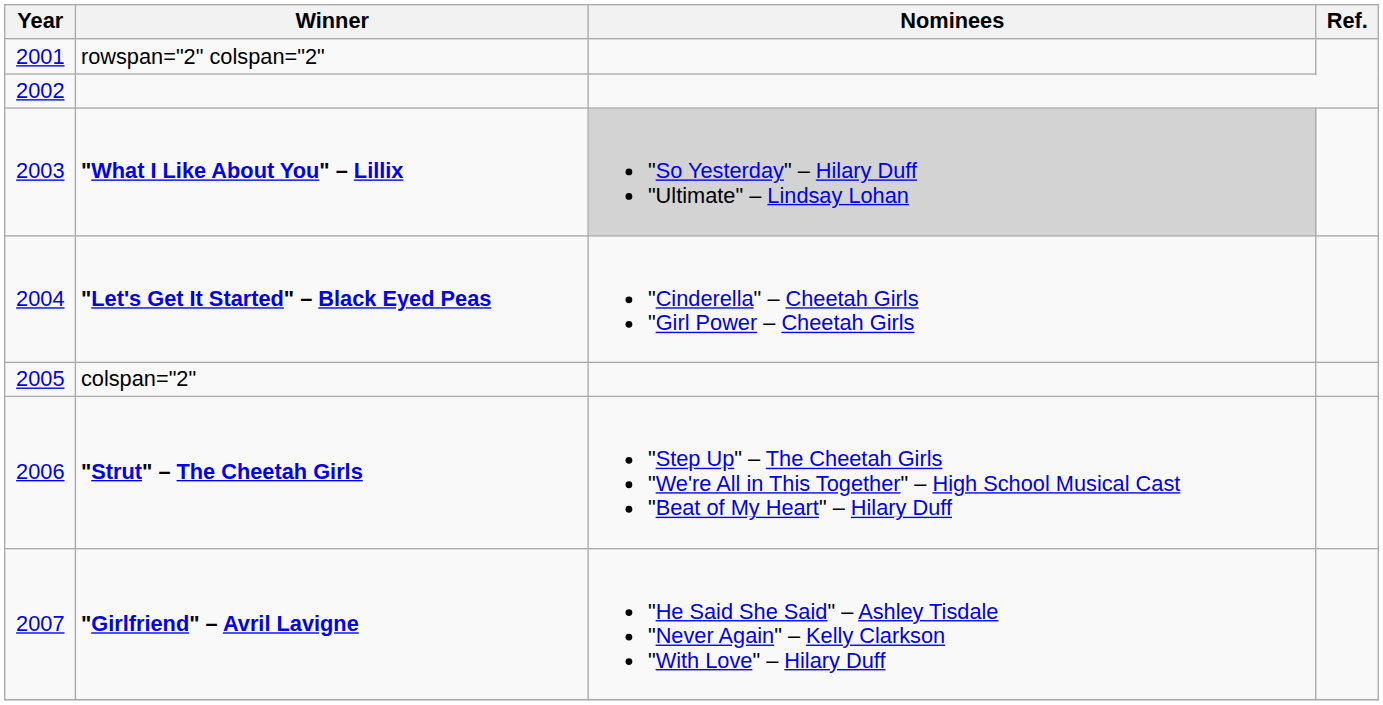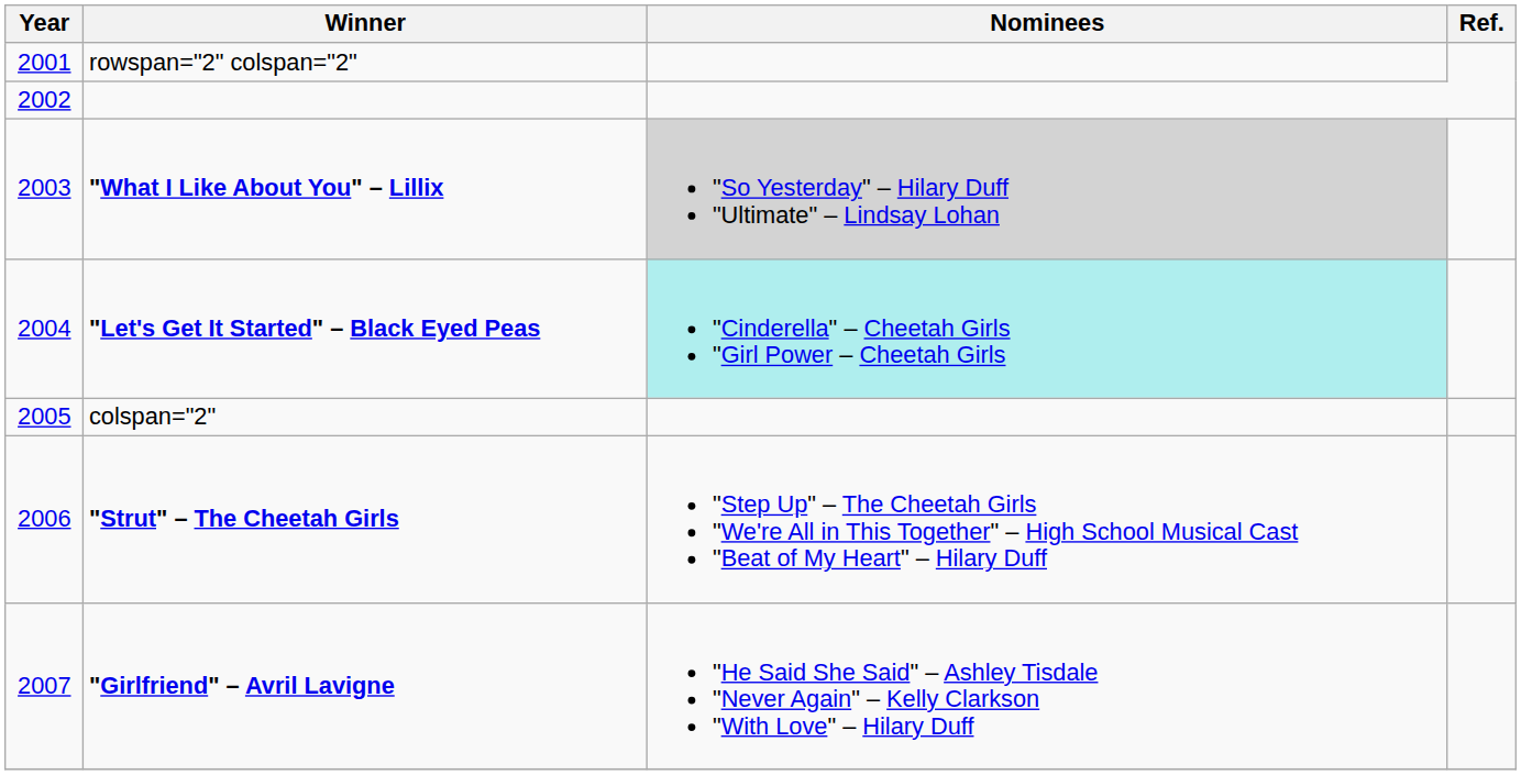 <table class="wikitable" width=80%>
 <tr>
 <th>Year</th>
 <th>Winner</th>
 <th>Nominees</th>
 <th>Ref.</th>
 </tr>
 <tr>
 <td align="center"><a href='#'>2001</a></td>
 <td>rowspan="2" colspan="2" </td>
 <td align="center"></td>
 </tr>
 <tr>
 <td align="center"><a href='#'>2002</a></td>
 <td align="center"></td>
 </tr>
 <tr>
 <td align="center"><a href='#'>2003</a></td>
 <td><strong>"<a href='#'>What I Like About You</a>" – <a href='#'>Lillix</a></strong></td>
 <td style="background: lightgrey;"><br><ul><li>"<a href='#'>So Yesterday</a>" – <a href='#'>Hilary Duff</a></li><li>"Ultimate" – <a href='#'>Lindsay Lohan</a></li></ul></td>
 <td align="center"></td>
 </tr>
 <tr>
 <td align="center"><a href='#'>2004</a></td>
 <td><strong>"<a href='#'>Let's Get It Started</a>" – <a href='#'>Black Eyed Peas</a></strong></td>
-<td><br><ul><li>"<a href='#'>Cinderella</a>" – <a href='#'>Cheetah Girls</a></li><li>"<a href='#'>Girl Power</a> – <a href='#'>Cheetah Girls</a></li></ul></td>
+<td style="background: paleturquoise;"><br><ul><li>"<a href='#'>Cinderella</a>" – <a href='#'>Cheetah Girls</a></li><li>"<a href='#'>Girl Power</a> – <a href='#'>Cheetah Girls</a></li></ul></td>
 <td align="center"></td>
 </tr>
 <tr>
 <td align="center"><a href='#'>2005</a></td>
 <td>colspan="2" </td>
 <td align="center"></td>
 </tr>
 <tr>
 <td align="center"><a href='#'>2006</a></td>
 <td><strong>"<a href='#'>Strut</a>" – <a href='#'>The Cheetah Girls</a></strong></td>
 <td><br><ul><li>"<a href='#'>Step Up</a>" – <a href='#'>The Cheetah Girls</a></li><li>"<a href='#'>We're All in This Together</a>" – <a href='#'>High School Musical Cast</a></li><li>"<a href='#'>Beat of My Heart</a>" – <a href='#'>Hilary Duff</a></li></ul></td>
 <td align="center"></td>
 </tr>
 <tr>
 <td align="center"><a href='#'>2007</a></td>
 <td><strong>"<a href='#'>Girlfriend</a>" – <a href='#'>Avril Lavigne</a></strong></td>
 <td><br><ul><li>"<a href='#'>He Said She Said</a>" – <a href='#'>Ashley Tisdale</a></li><li>"<a href='#'>Never Again</a>" – <a href='#'>Kelly Clarkson</a></li><li>"<a href='#'>With Love</a>" – <a href='#'>Hilary Duff</a></li></ul></td>
 <td align="center"></td>
 </tr>
 <tr>
 </tr>
 </table>
